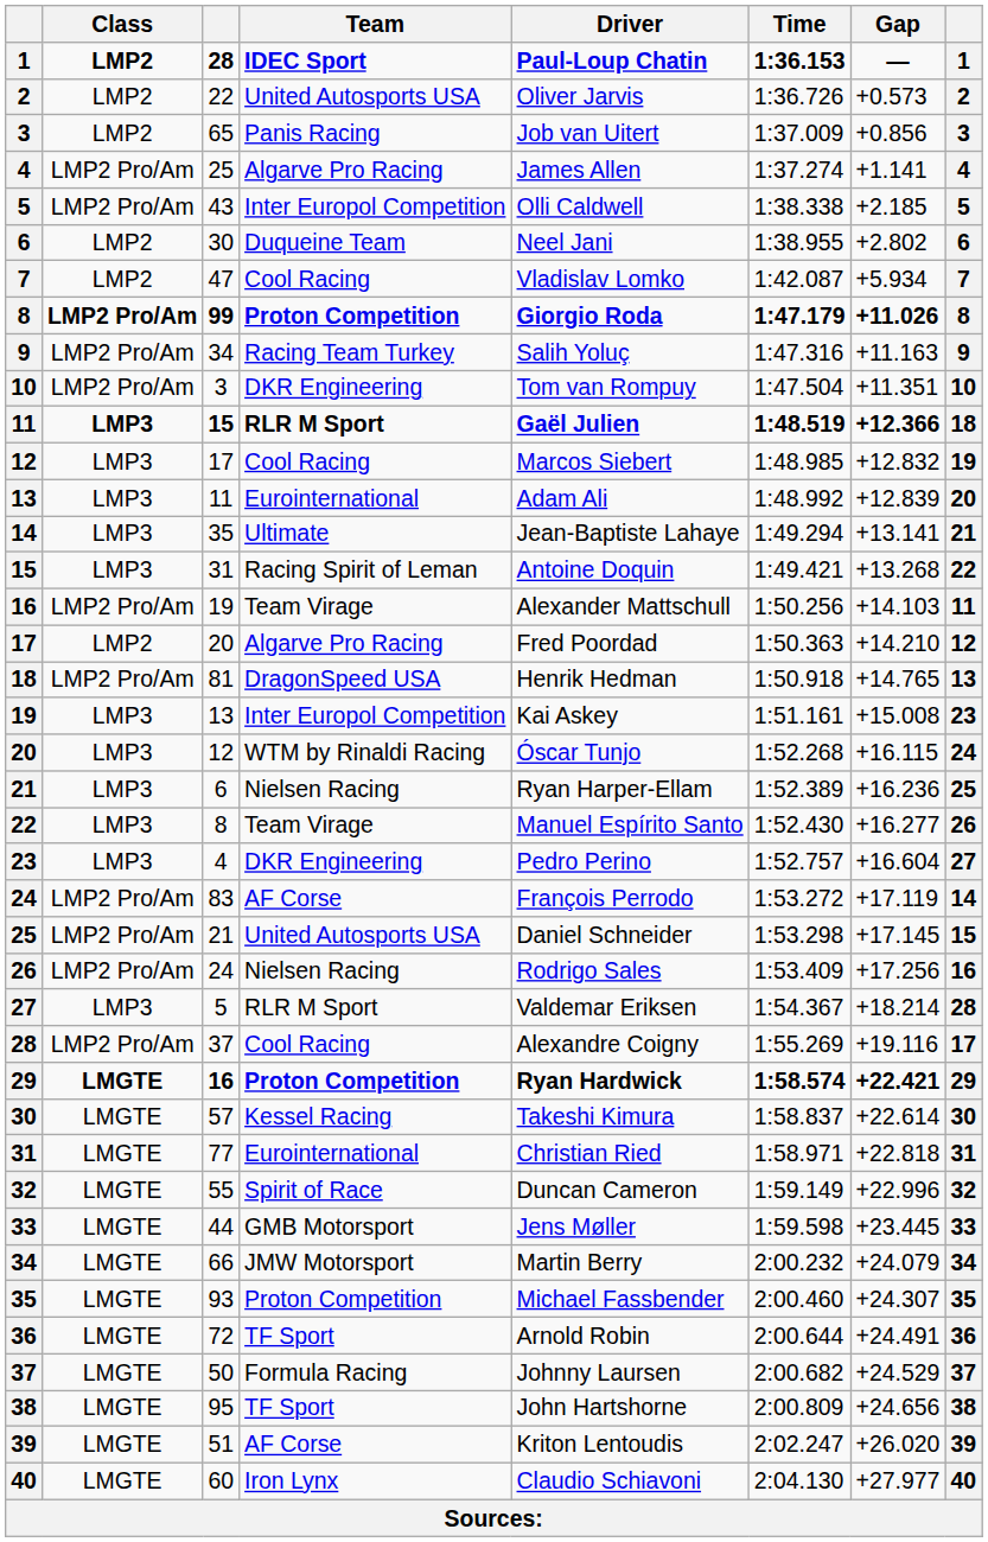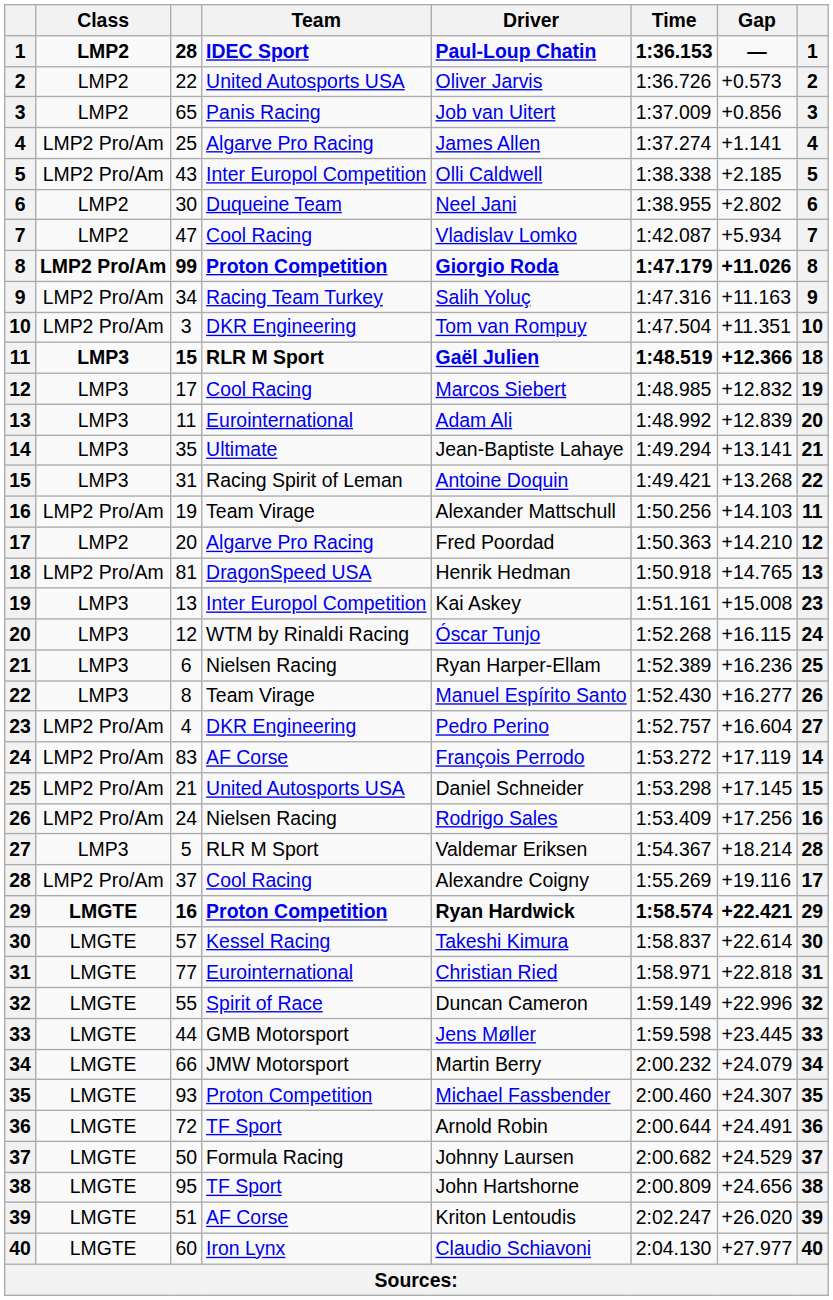 <table class="wikitable sortable" style="font-size: 90%;">
 <tr>
 <th></th>
 <th class="unsortable">Class</th>
 <th class="unsortable"></th>
 <th class="unsortable">Team</th>
 <th class="unsortable">Driver</th>
 <th class="unsortable">Time</th>
 <th class="unsortable">Gap</th>
 <th></th>
 </tr>
 <tr style="font-weight: bold;">
 <th>1</th>
 <td align="center">LMP2</td>
 <td align="center">28</td>
 <td> <a href='#'>IDEC Sport</a></td>
 <td> <a href='#'>Paul-Loup Chatin</a></td>
 <td>1:36.153</td>
 <td align="center">—</td>
 <th>1</th>
 </tr>
 <tr>
 <th>2</th>
 <td align="center">LMP2</td>
 <td align="center">22</td>
 <td> <a href='#'>United Autosports USA</a></td>
 <td> <a href='#'>Oliver Jarvis</a></td>
 <td>1:36.726</td>
 <td>+0.573</td>
 <th>2</th>
 </tr>
 <tr>
 <th>3</th>
 <td align="center">LMP2</td>
 <td align="center">65</td>
 <td> <a href='#'>Panis Racing</a></td>
 <td> <a href='#'>Job van Uitert</a></td>
 <td>1:37.009</td>
 <td>+0.856</td>
 <th>3</th>
 </tr>
 <tr>
 <th>4</th>
 <td align="center">LMP2 Pro/Am</td>
 <td align="center">25</td>
 <td> <a href='#'>Algarve Pro Racing</a></td>
 <td> <a href='#'>James Allen</a></td>
 <td>1:37.274</td>
 <td>+1.141</td>
 <th>4</th>
 </tr>
 <tr>
 <th>5</th>
 <td align="center">LMP2 Pro/Am</td>
 <td align="center">43</td>
 <td> <a href='#'>Inter Europol Competition</a></td>
 <td> <a href='#'>Olli Caldwell</a></td>
 <td>1:38.338</td>
 <td>+2.185</td>
 <th>5</th>
 </tr>
 <tr>
 <th>6</th>
 <td align="center">LMP2</td>
 <td align="center">30</td>
 <td> <a href='#'>Duqueine Team</a></td>
 <td> <a href='#'>Neel Jani</a></td>
 <td>1:38.955</td>
 <td>+2.802</td>
 <th>6</th>
 </tr>
 <tr>
 <th>7</th>
 <td align="center">LMP2</td>
 <td align="center">47</td>
 <td> <a href='#'>Cool Racing</a></td>
 <td> <a href='#'>Vladislav Lomko</a></td>
 <td>1:42.087</td>
 <td>+5.934</td>
 <th>7</th>
 </tr>
 <tr style="font-weight: bold;">
 <th>8</th>
 <td align="center">LMP2 Pro/Am</td>
 <td align="center">99</td>
 <td> <a href='#'>Proton Competition</a></td>
 <td> <a href='#'>Giorgio Roda</a></td>
 <td>1:47.179</td>
 <td>+11.026</td>
 <th>8</th>
 </tr>
 <tr>
 <th>9</th>
 <td align="center">LMP2 Pro/Am</td>
 <td align="center">34</td>
 <td> <a href='#'>Racing Team Turkey</a></td>
 <td> <a href='#'>Salih Yoluç</a></td>
 <td>1:47.316</td>
 <td>+11.163</td>
 <th>9</th>
 </tr>
 <tr>
 <th>10</th>
 <td align="center">LMP2 Pro/Am</td>
 <td align="center">3</td>
 <td> <a href='#'>DKR Engineering</a></td>
 <td> <a href='#'>Tom van Rompuy</a></td>
 <td>1:47.504</td>
 <td>+11.351</td>
 <th>10</th>
 </tr>
 <tr style="font-weight: bold;">
 <th>11</th>
 <td align="center">LMP3</td>
 <td align="center">15</td>
 <td> RLR M Sport</td>
 <td> <a href='#'>Gaël Julien</a></td>
 <td>1:48.519</td>
 <td>+12.366</td>
 <th>18</th>
 </tr>
 <tr>
 <th>12</th>
 <td align="center">LMP3</td>
 <td align="center">17</td>
 <td> <a href='#'>Cool Racing</a></td>
 <td> <a href='#'>Marcos Siebert</a></td>
 <td>1:48.985</td>
 <td>+12.832</td>
 <th>19</th>
 </tr>
 <tr>
 <th>13</th>
 <td align="center">LMP3</td>
 <td align="center">11</td>
 <td> <a href='#'>Eurointernational</a></td>
 <td> <a href='#'>Adam Ali</a></td>
 <td>1:48.992</td>
 <td>+12.839</td>
 <th>20</th>
 </tr>
 <tr>
 <th>14</th>
 <td align="center">LMP3</td>
 <td align="center">35</td>
 <td> <a href='#'>Ultimate</a></td>
 <td> Jean-Baptiste Lahaye</td>
 <td>1:49.294</td>
 <td>+13.141</td>
 <th>21</th>
 </tr>
 <tr>
 <th>15</th>
 <td align="center">LMP3</td>
 <td align="center">31</td>
 <td> Racing Spirit of Leman</td>
 <td> <a href='#'>Antoine Doquin</a></td>
 <td>1:49.421</td>
 <td>+13.268</td>
 <th>22</th>
 </tr>
 <tr>
 <th>16</th>
 <td align="center">LMP2 Pro/Am</td>
 <td align="center">19</td>
 <td> Team Virage</td>
 <td> Alexander Mattschull</td>
 <td>1:50.256</td>
 <td>+14.103</td>
 <th>11</th>
 </tr>
 <tr>
 <th>17</th>
 <td align="center">LMP2</td>
 <td align="center">20</td>
 <td> <a href='#'>Algarve Pro Racing</a></td>
 <td> Fred Poordad</td>
 <td>1:50.363</td>
 <td>+14.210</td>
 <th>12</th>
 </tr>
 <tr>
 <th>18</th>
 <td align="center">LMP2 Pro/Am</td>
 <td align="center">81</td>
 <td> <a href='#'>DragonSpeed USA</a></td>
 <td> Henrik Hedman</td>
 <td>1:50.918</td>
 <td>+14.765</td>
 <th>13</th>
 </tr>
 <tr>
 <th>19</th>
 <td align="center">LMP3</td>
 <td align="center">13</td>
 <td> <a href='#'>Inter Europol Competition</a></td>
 <td> Kai Askey</td>
 <td>1:51.161</td>
 <td>+15.008</td>
 <th>23</th>
 </tr>
 <tr>
 <th>20</th>
 <td align="center">LMP3</td>
 <td align="center">12</td>
 <td> WTM by Rinaldi Racing</td>
 <td> <a href='#'>Óscar Tunjo</a></td>
 <td>1:52.268</td>
 <td>+16.115</td>
 <th>24</th>
 </tr>
 <tr>
 <th>21</th>
 <td align="center">LMP3</td>
 <td align="center">6</td>
 <td> Nielsen Racing</td>
 <td> Ryan Harper-Ellam</td>
 <td>1:52.389</td>
 <td>+16.236</td>
 <th>25</th>
 </tr>
 <tr>
 <th>22</th>
 <td align="center">LMP3</td>
 <td align="center">8</td>
 <td> Team Virage</td>
 <td> <a href='#'>Manuel Espírito Santo</a></td>
 <td>1:52.430</td>
 <td>+16.277</td>
 <th>26</th>
 </tr>
 <tr>
 <th>23</th>
-<td align="center">LMP3</td>
+<td align="center">LMP2 Pro/Am</td>
 <td align="center">4</td>
 <td> <a href='#'>DKR Engineering</a></td>
 <td> <a href='#'>Pedro Perino</a></td>
 <td>1:52.757</td>
 <td>+16.604</td>
 <th>27</th>
 </tr>
 <tr>
 <th>24</th>
 <td align="center">LMP2 Pro/Am</td>
 <td align="center">83</td>
 <td> <a href='#'>AF Corse</a></td>
 <td> <a href='#'>François Perrodo</a></td>
 <td>1:53.272</td>
 <td>+17.119</td>
 <th>14</th>
 </tr>
 <tr>
 <th>25</th>
 <td align="center">LMP2 Pro/Am</td>
 <td align="center">21</td>
 <td> <a href='#'>United Autosports USA</a></td>
 <td> Daniel Schneider</td>
 <td>1:53.298</td>
 <td>+17.145</td>
 <th>15</th>
 </tr>
 <tr>
 <th>26</th>
 <td align="center">LMP2 Pro/Am</td>
 <td align="center">24</td>
 <td> Nielsen Racing</td>
 <td> <a href='#'>Rodrigo Sales</a></td>
 <td>1:53.409</td>
 <td>+17.256</td>
 <th>16</th>
 </tr>
 <tr>
 <th>27</th>
 <td align="center">LMP3</td>
 <td align="center">5</td>
 <td> RLR M Sport</td>
 <td> Valdemar Eriksen</td>
 <td>1:54.367</td>
 <td>+18.214</td>
 <th>28</th>
 </tr>
 <tr>
 <th>28</th>
 <td align="center">LMP2 Pro/Am</td>
 <td align="center">37</td>
 <td> <a href='#'>Cool Racing</a></td>
 <td> Alexandre Coigny</td>
 <td>1:55.269</td>
 <td>+19.116</td>
 <th>17</th>
 </tr>
 <tr style="font-weight: bold;">
 <th>29</th>
 <td align="center">LMGTE</td>
 <td align="center">16</td>
 <td> <a href='#'>Proton Competition</a></td>
 <td> Ryan Hardwick</td>
 <td>1:58.574</td>
 <td>+22.421</td>
 <th>29</th>
 </tr>
 <tr>
 <th>30</th>
 <td align="center">LMGTE</td>
 <td align="center">57</td>
 <td> <a href='#'>Kessel Racing</a></td>
 <td> <a href='#'>Takeshi Kimura</a></td>
 <td>1:58.837</td>
 <td>+22.614</td>
 <th>30</th>
 </tr>
 <tr>
 <th>31</th>
 <td align="center">LMGTE</td>
 <td align="center">77</td>
 <td> <a href='#'>Eurointernational</a></td>
 <td> <a href='#'>Christian Ried</a></td>
 <td>1:58.971</td>
 <td>+22.818</td>
 <th>31</th>
 </tr>
 <tr>
 <th>32</th>
 <td align="center">LMGTE</td>
 <td align="center">55</td>
 <td> <a href='#'>Spirit of Race</a></td>
 <td> Duncan Cameron</td>
 <td>1:59.149</td>
 <td>+22.996</td>
 <th>32</th>
 </tr>
 <tr>
 <th>33</th>
 <td align="center">LMGTE</td>
 <td align="center">44</td>
 <td> GMB Motorsport</td>
 <td> <a href='#'>Jens Møller</a></td>
 <td>1:59.598</td>
 <td>+23.445</td>
 <th>33</th>
 </tr>
 <tr>
 <th>34</th>
 <td align="center">LMGTE</td>
 <td align="center">66</td>
 <td> JMW Motorsport</td>
 <td> Martin Berry</td>
 <td>2:00.232</td>
 <td>+24.079</td>
 <th>34</th>
 </tr>
 <tr>
 <th>35</th>
 <td align="center">LMGTE</td>
 <td align="center">93</td>
 <td> <a href='#'>Proton Competition</a></td>
 <td> <a href='#'>Michael Fassbender</a></td>
 <td>2:00.460</td>
 <td>+24.307</td>
 <th>35</th>
 </tr>
 <tr>
 <th>36</th>
 <td align="center">LMGTE</td>
 <td align="center">72</td>
 <td> <a href='#'>TF Sport</a></td>
 <td> Arnold Robin</td>
 <td>2:00.644</td>
 <td>+24.491</td>
 <th>36</th>
 </tr>
 <tr>
 <th>37</th>
 <td align="center">LMGTE</td>
 <td align="center">50</td>
 <td> Formula Racing</td>
 <td> Johnny Laursen</td>
 <td>2:00.682</td>
 <td>+24.529</td>
 <th>37</th>
 </tr>
 <tr>
 <th>38</th>
 <td align="center">LMGTE</td>
 <td align="center">95</td>
 <td> <a href='#'>TF Sport</a></td>
 <td> John Hartshorne</td>
 <td>2:00.809</td>
 <td>+24.656</td>
 <th>38</th>
 </tr>
 <tr>
 <th>39</th>
 <td align="center">LMGTE</td>
 <td align="center">51</td>
 <td> <a href='#'>AF Corse</a></td>
 <td> Kriton Lentoudis</td>
 <td>2:02.247</td>
 <td>+26.020</td>
 <th>39</th>
 </tr>
 <tr>
 <th>40</th>
 <td align="center">LMGTE</td>
 <td align="center">60</td>
 <td> <a href='#'>Iron Lynx</a></td>
 <td> <a href='#'>Claudio Schiavoni</a></td>
 <td>2:04.130</td>
 <td>+27.977</td>
 <th>40</th>
 </tr>
 <tr>
 <th colspan="8">Sources:</th>
 </tr>
 </table>
